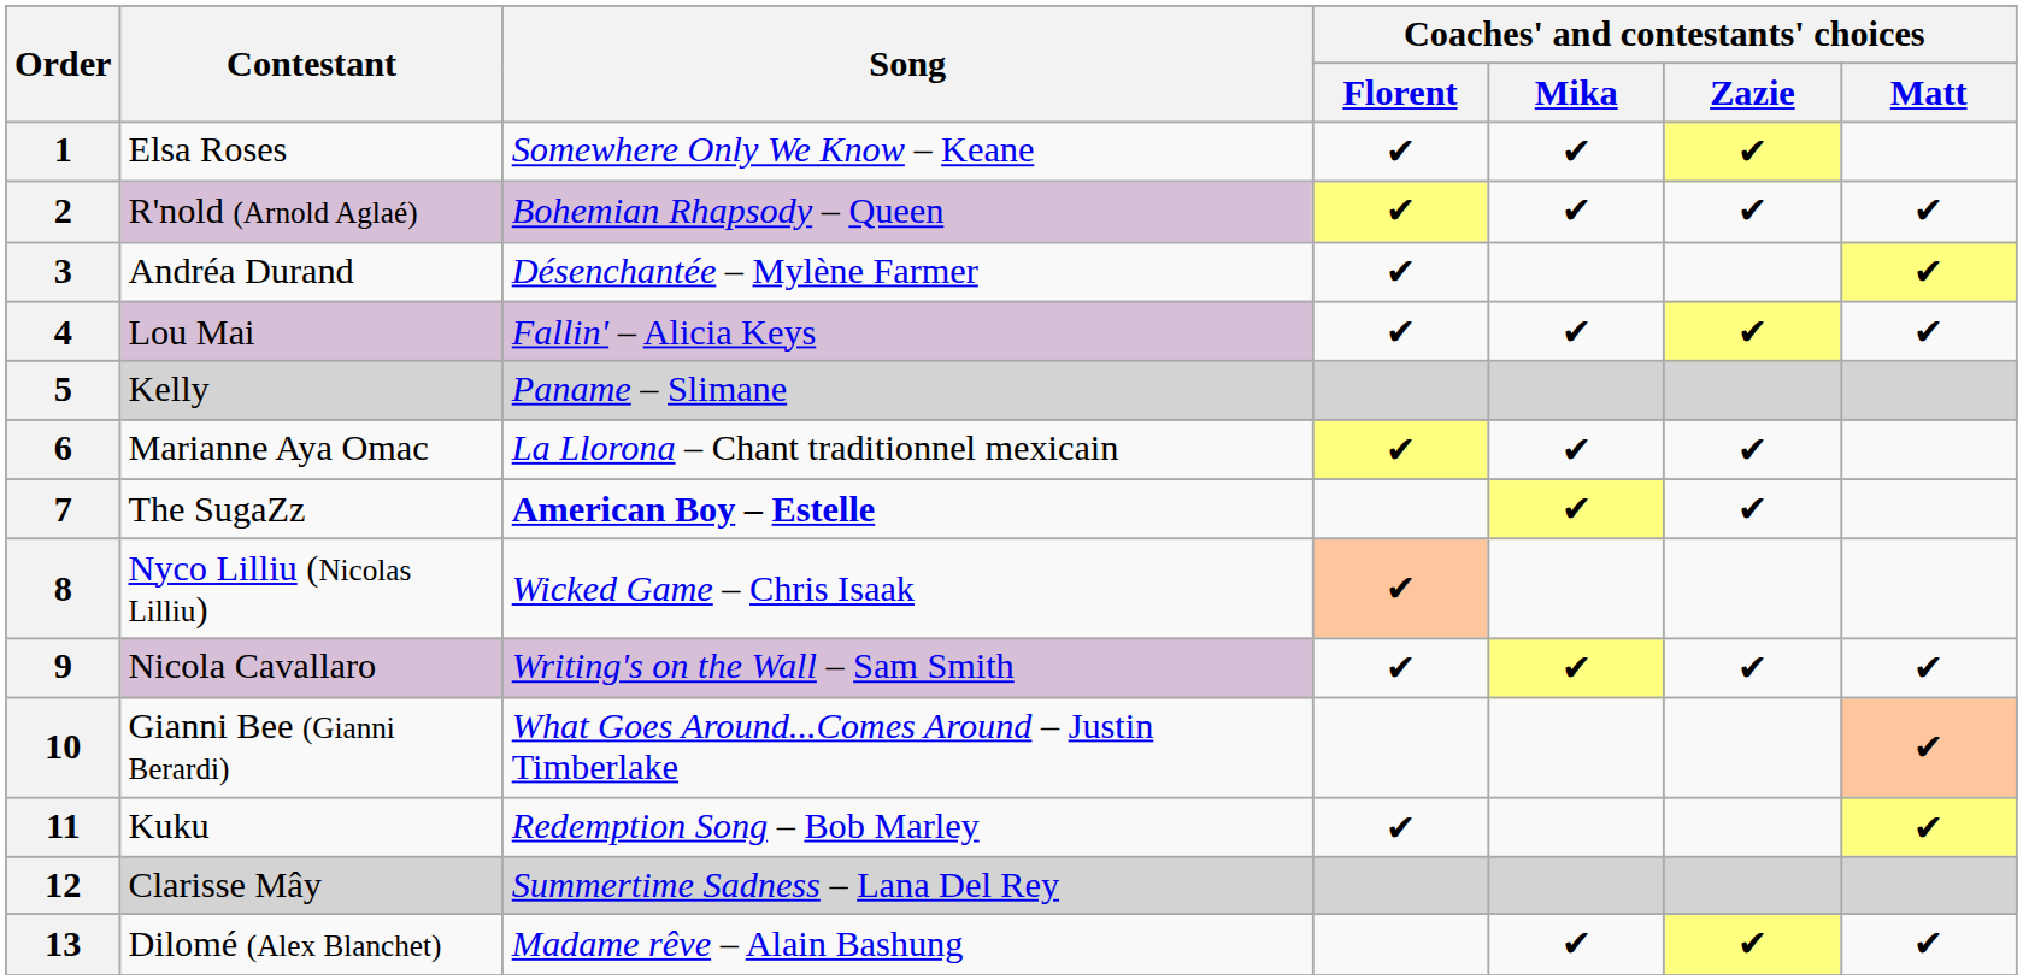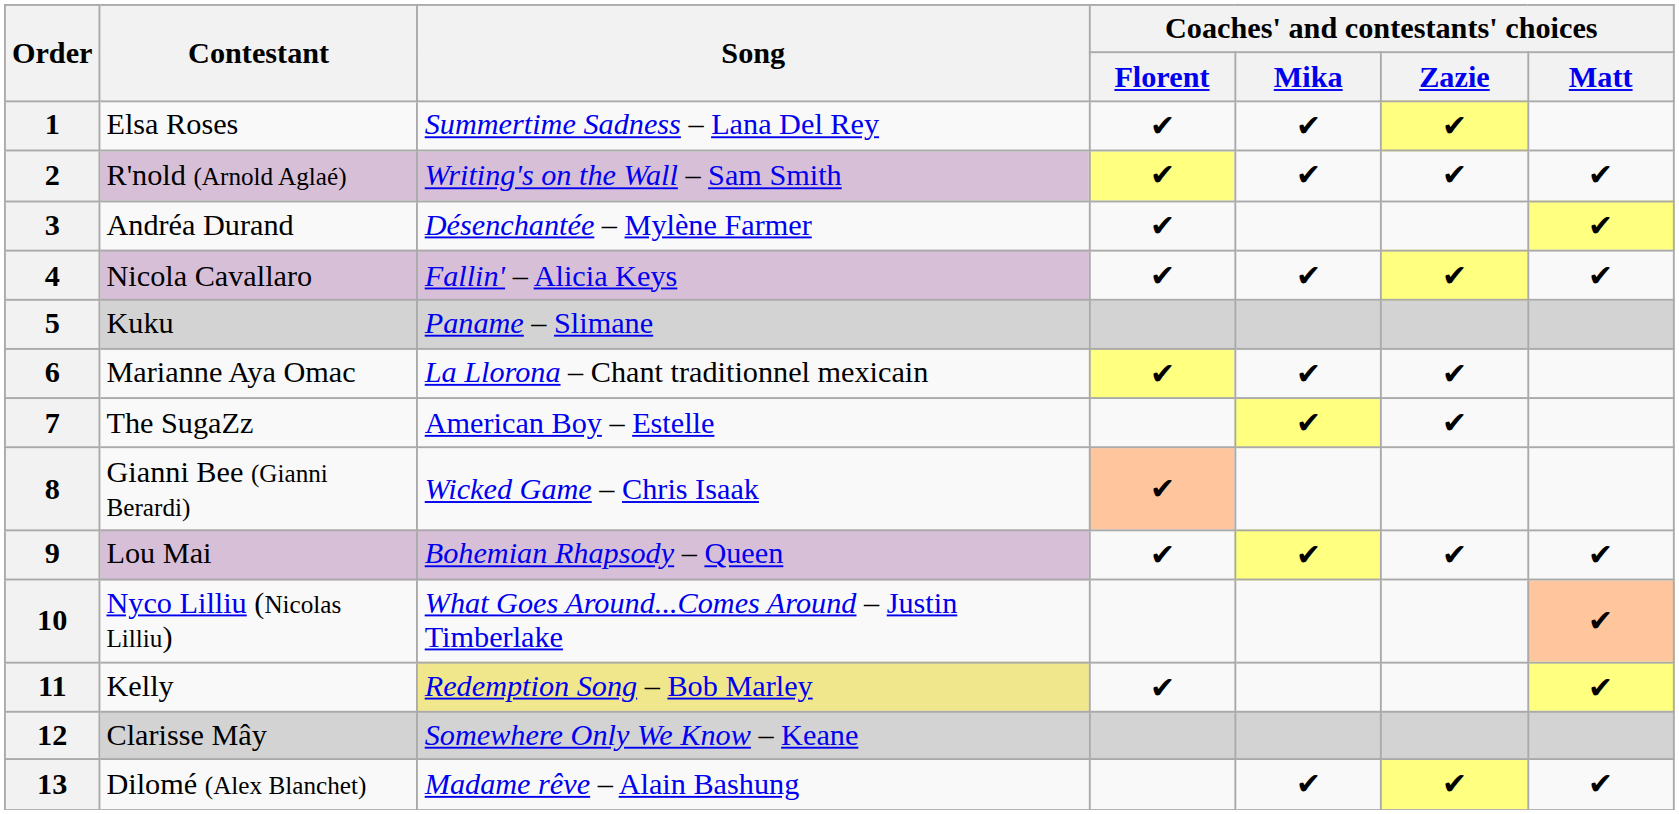 <table class="wikitable" style="width:100%;">
 <tr>
 <th scope=col rowspan="2">Order</th>
 <th scope=col rowspan="2">Contestant</th>
 <th scope=col rowspan="2">Song</th>
 <th scope=col colspan="4">Coaches' and contestants' choices</th>
 </tr>
 <tr>
 <th scope=col width="70"><a href='#'>Florent</a></th>
 <th scope=col width="70"><a href='#'>Mika</a></th>
 <th scope=col width="70"><a href='#'>Zazie</a></th>
 <th scope=col width="70"><a href='#'>Matt</a></th>
 </tr>
 <tr>
 <th scope=row>1</th>
 <td>Elsa Roses</td>
-<td><em><a href='#'>Somewhere Only We Know</a></em> – <a href='#'>Keane</a></td>
+<td><em><a href='#'>Summertime Sadness</a></em> – <a href='#'>Lana Del Rey</a></td>
 <td style="text-align:center;">✔</td>
 <td style="text-align:center;">✔</td>
 <td style="background:#FFFF80;text-align:center;">✔</td>
 <td></td>
 </tr>
 <tr>
 <th scope=row>2</th>
 <td style="background:thistle">R'nold <small>(Arnold Aglaé)</small></td>
-<td style="background:thistle"><em><a href='#'>Bohemian Rhapsody</a></em> – <a href='#'>Queen</a></td>
+<td style="background:thistle"><em><a href='#'>Writing's on the Wall</a></em> – <a href='#'>Sam Smith</a></td>
 <td style="background:#FFFF80;text-align:center;">✔</td>
 <td style="text-align:center;">✔</td>
 <td style="text-align:center;">✔</td>
 <td style="text-align:center;">✔</td>
 </tr>
 <tr>
 <th scope=row>3</th>
 <td>Andréa Durand</td>
 <td><em><a href='#'>Désenchantée</a></em> – <a href='#'>Mylène Farmer</a></td>
 <td style="text-align:center;">✔</td>
 <td></td>
 <td></td>
 <td style="background:#FFFF80;text-align:center;">✔</td>
 </tr>
 <tr>
 <th scope=row>4</th>
-<td style="background:thistle">Lou Mai</td>
+<td style="background:thistle">Nicola Cavallaro</td>
 <td style="background:thistle"><em><a href='#'>Fallin'</a> </em> – <a href='#'>Alicia Keys</a></td>
 <td style="text-align:center;">✔</td>
 <td style="text-align:center;">✔</td>
 <td style="background:#FFFF80;text-align:center;">✔</td>
 <td style="text-align:center;">✔</td>
 </tr>
 <tr style="background:lightgrey;">
 <th scope=row>5</th>
-<td>Kelly</td>
+<td>Kuku</td>
 <td><em><a href='#'>Paname</a></em> – <a href='#'>Slimane</a></td>
 <td></td>
 <td></td>
 <td></td>
 <td></td>
 </tr>
 <tr>
 <th scope=row>6</th>
 <td>Marianne Aya Omac</td>
 <td><em><a href='#'>La Llorona</a></em> – Chant traditionnel mexicain</td>
 <td style="background:#FFFF80;text-align:center;">✔</td>
 <td style="text-align:center;">✔</td>
 <td style="text-align:center;">✔</td>
 <td></td>
 </tr>
 <tr>
 <th scope=row>7</th>
 <td>The SugaZz</td>
-<td><strong><a href='#'>American Boy</a> – <a href='#'>Estelle</a></strong></td>
+<td><a href='#'>American Boy</a> – <a href='#'>Estelle</a></td>
 <td></td>
 <td style="background:#FFFF80;text-align:center;">✔</td>
 <td style="text-align:center;">✔</td>
 <td></td>
 </tr>
 <tr>
 <th scope=row>8</th>
-<td><a href='#'>Nyco Lilliu</a> (<small>Nicolas Lilliu</small>)</td>
+<td>Gianni Bee <small>(Gianni Berardi)</small></td>
 <td><em><a href='#'>Wicked Game</a></em> – <a href='#'>Chris Isaak</a></td>
 <td style="background:#FFC59D;text-align:center;">✔</td>
 <td></td>
 <td></td>
 <td></td>
 </tr>
 <tr>
 <th scope=row>9</th>
-<td style="background:thistle">Nicola Cavallaro</td>
-<td style="background:thistle"><em><a href='#'>Writing's on the Wall</a></em> – <a href='#'>Sam Smith</a></td>
+<td style="background:thistle">Lou Mai</td>
+<td style="background:thistle"><em><a href='#'>Bohemian Rhapsody</a></em> – <a href='#'>Queen</a></td>
 <td style="text-align:center;">✔</td>
 <td style="background:#FFFF80;text-align:center;">✔</td>
 <td style="text-align:center;">✔</td>
 <td style="text-align:center;">✔</td>
 </tr>
 <tr>
 <th scope=row>10</th>
-<td>Gianni Bee <small>(Gianni Berardi)</small></td>
+<td><a href='#'>Nyco Lilliu</a> (<small>Nicolas Lilliu</small>)</td>
 <td><em><a href='#'>What Goes Around...Comes Around</a></em> – <a href='#'>Justin Timberlake</a></td>
 <td></td>
 <td></td>
 <td></td>
 <td style="background:#FFC59D;text-align:center;">✔</td>
 </tr>
 <tr>
 <th scope=row>11</th>
-<td>Kuku</td>
-<td><em><a href='#'>Redemption Song</a></em> – <a href='#'>Bob Marley</a></td>
+<td>Kelly</td>
+<td style="background: khaki;"><em><a href='#'>Redemption Song</a></em> – <a href='#'>Bob Marley</a></td>
 <td style="text-align:center;">✔</td>
 <td></td>
 <td></td>
 <td style="background:#FFFF80;text-align:center;">✔</td>
 </tr>
 <tr style="background:lightgrey;">
 <th scope=row>12</th>
 <td>Clarisse Mây</td>
-<td><em><a href='#'>Summertime Sadness</a></em> – <a href='#'>Lana Del Rey</a></td>
+<td><em><a href='#'>Somewhere Only We Know</a></em> – <a href='#'>Keane</a></td>
 <td></td>
 <td></td>
 <td></td>
 <td></td>
 </tr>
 <tr>
 <th scope=row>13</th>
 <td>Dilomé <small>(Alex Blanchet)</small></td>
 <td><em><a href='#'>Madame rêve</a></em> – <a href='#'>Alain Bashung</a></td>
 <td></td>
 <td style="text-align:center;">✔</td>
 <td style="background:#FFFF80;text-align:center;">✔</td>
 <td style="text-align:center;">✔</td>
 </tr>
 </table>
